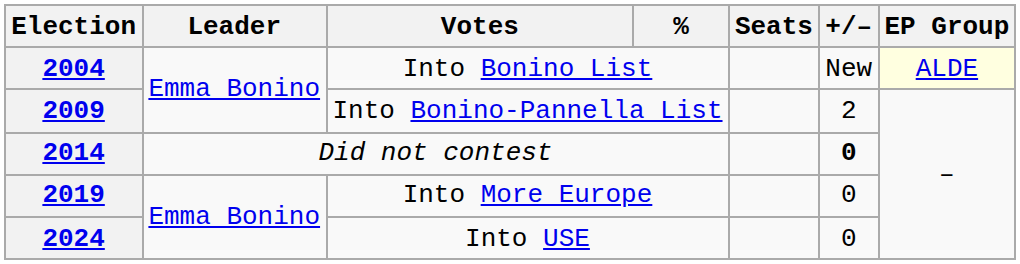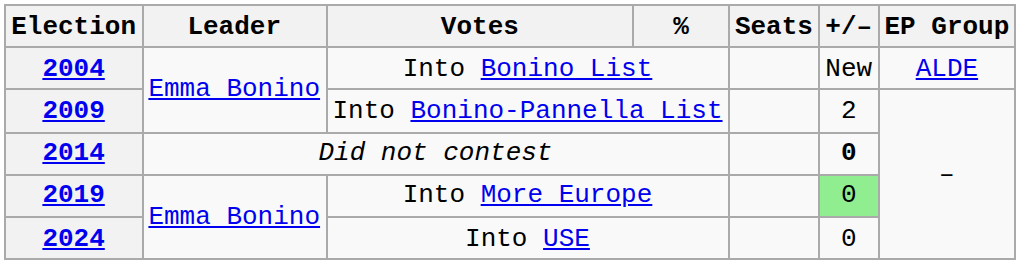 <table class="wikitable" style="text-align:center">
 <tr>
 <th>Election</th>
 <th>Leader</th>
 <th>Votes</th>
 <th>%</th>
 <th>Seats</th>
 <th>+/–</th>
 <th>EP Group</th>
 </tr>
 <tr>
 <th><a href='#'>2004</a></th>
 <td rowspan="2"><a href='#'>Emma Bonino</a></td>
 <td colspan="2">Into <a href='#'>Bonino List</a></td>
 <td></td>
 <td>New</td>
-<td style="background: lightyellow;"><a href='#'>ALDE</a></td>
+<td><a href='#'>ALDE</a></td>
 </tr>
 <tr>
 <th><a href='#'>2009</a></th>
 <td colspan="2">Into <a href='#'>Bonino-Pannella List</a></td>
 <td></td>
 <td> 2</td>
 <td rowspan="4">–</td>
 </tr>
 <tr>
 <th><a href='#'>2014</a></th>
 <td colspan="3"><em>Did not contest</em></td>
 <td></td>
 <td><strong> 0</strong></td>
 </tr>
 <tr>
 <th><a href='#'>2019</a></th>
 <td rowspan="2"><a href='#'>Emma Bonino</a></td>
 <td colspan="2">Into <a href='#'>More Europe</a></td>
 <td></td>
-<td> 0</td>
+<td style="background: lightgreen;"> 0</td>
 </tr>
 <tr>
 <th><a href='#'>2024</a></th>
 <td colspan="2">Into <a href='#'>USE</a></td>
 <td></td>
 <td> 0</td>
 </tr>
 </table>
